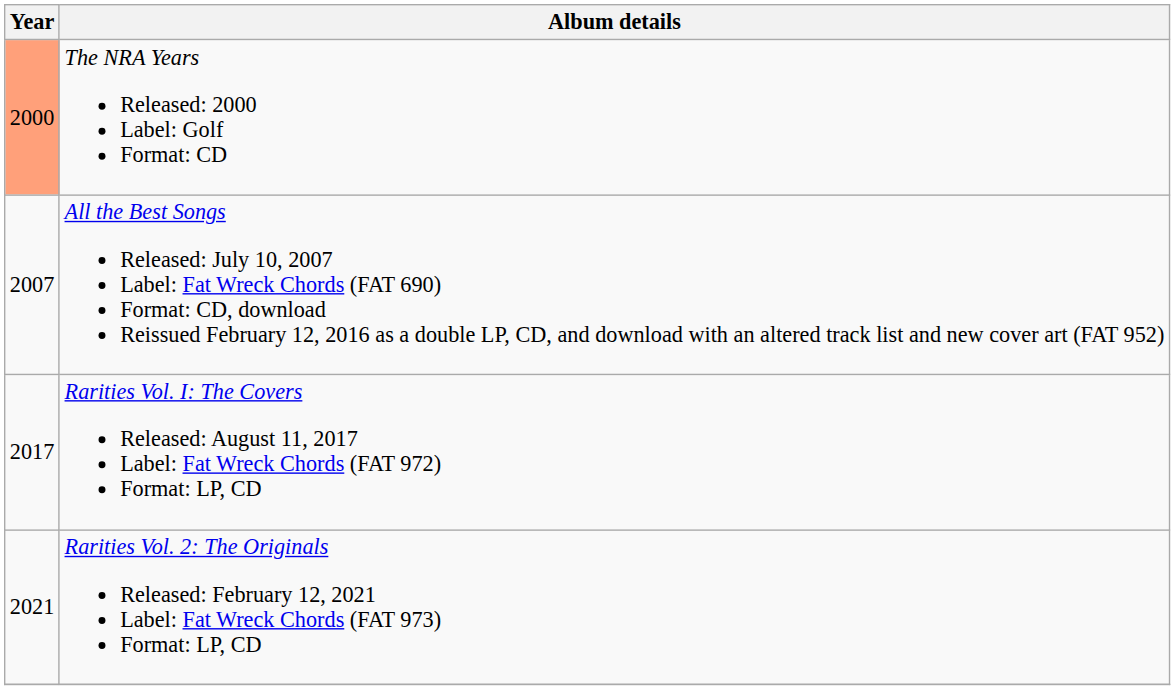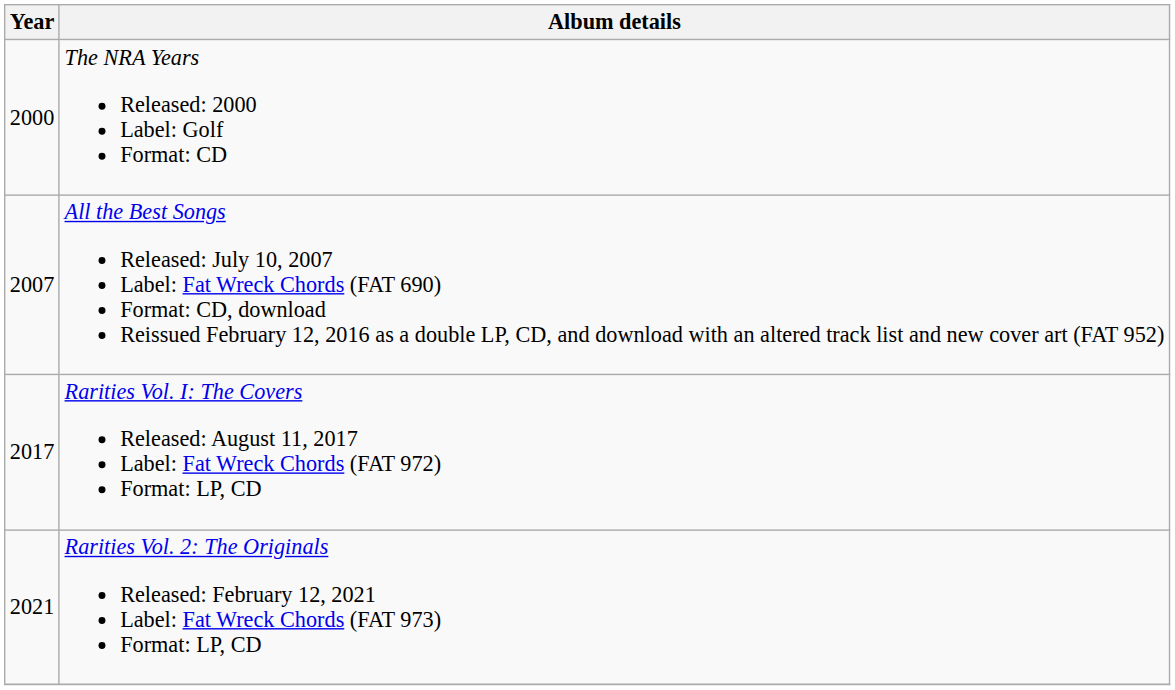 <table class ="wikitable">
 <tr>
 <th>Year</th>
 <th>Album details</th>
 </tr>
 <tr>
-<td style="background: lightsalmon;">2000</td>
+<td>2000</td>
 <td><em>The NRA Years</em><br><ul><li>Released: 2000</li><li>Label: Golf</li><li>Format: CD</li></ul></td>
 </tr>
 <tr>
 <td>2007</td>
 <td><em><a href='#'>All the Best Songs</a></em><br><ul><li>Released: July 10, 2007</li><li>Label: <a href='#'>Fat Wreck Chords</a> (FAT 690)</li><li>Format: CD, download</li><li>Reissued February 12, 2016 as a double LP, CD, and download with an altered track list and new cover art (FAT 952)</li></ul></td>
 </tr>
 <tr>
 <td>2017</td>
 <td><em><a href='#'>Rarities Vol. I: The Covers</a></em><br><ul><li>Released: August 11, 2017</li><li>Label: <a href='#'>Fat Wreck Chords</a> (FAT 972)</li><li>Format: LP, CD</li></ul></td>
 </tr>
 <tr>
 <td>2021</td>
 <td><em><a href='#'>Rarities Vol. 2: The Originals</a></em><br><ul><li>Released: February 12, 2021</li><li>Label: <a href='#'>Fat Wreck Chords</a> (FAT 973)</li><li>Format: LP, CD</li></ul></td>
 </tr>
 <tr>
 </tr>
 </table>
